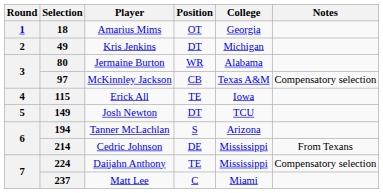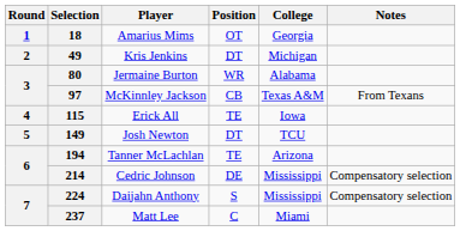 <table class="wikitable" style="text-align:center">
 <tr>
 <th>Round</th>
 <th>Selection</th>
 <th>Player</th>
 <th>Position</th>
 <th>College</th>
 <th>Notes</th>
 </tr>
 <tr>
 <th><a href='#'>1</a></th>
 <th>18</th>
 <td><a href='#'>Amarius Mims</a></td>
 <td><a href='#'>OT</a></td>
 <td><a href='#'>Georgia</a></td>
 <td></td>
 </tr>
 <tr>
 <th>2</th>
 <th>49</th>
 <td><a href='#'>Kris Jenkins</a></td>
 <td><a href='#'>DT</a></td>
 <td><a href='#'>Michigan</a></td>
 <td></td>
 </tr>
 <tr>
 <th rowspan="2">3</th>
 <th>80</th>
 <td><a href='#'>Jermaine Burton</a></td>
 <td><a href='#'>WR</a></td>
 <td><a href='#'>Alabama</a></td>
 <td></td>
 </tr>
 <tr>
 <th>97</th>
 <td><a href='#'>McKinnley Jackson</a></td>
 <td><a href='#'>CB</a></td>
 <td><a href='#'>Texas A&M</a></td>
-<td>Compensatory selection</td>
+<td>From Texans</td>
 </tr>
 <tr>
 <th>4</th>
 <th>115</th>
 <td><a href='#'>Erick All</a></td>
 <td><a href='#'>TE</a></td>
 <td><a href='#'>Iowa</a></td>
 <td></td>
 </tr>
 <tr>
 <th>5</th>
 <th>149</th>
 <td><a href='#'> Josh Newton</a></td>
 <td><a href='#'>DT</a></td>
 <td><a href='#'>TCU</a></td>
 <td></td>
 </tr>
 <tr>
 <th rowspan="2">6</th>
 <th>194</th>
 <td><a href='#'>Tanner McLachlan</a></td>
-<td><a href='#'>S</a></td>
+<td><a href='#'>TE</a></td>
 <td><a href='#'>Arizona</a></td>
 <td></td>
 </tr>
 <tr>
 <th>214</th>
 <td><a href='#'>Cedric Johnson</a></td>
 <td><a href='#'>DE</a></td>
 <td><a href='#'>Mississippi</a></td>
-<td>From Texans</td>
+<td>Compensatory selection</td>
 </tr>
 <tr>
 <th rowspan="2">7</th>
 <th>224</th>
 <td><a href='#'>Daijahn Anthony</a></td>
-<td><a href='#'>TE</a></td>
+<td><a href='#'>S</a></td>
 <td><a href='#'>Mississippi</a></td>
 <td>Compensatory selection</td>
 </tr>
 <tr>
 <th>237</th>
 <td><a href='#'> Matt Lee</a></td>
 <td><a href='#'>C</a></td>
 <td><a href='#'>Miami</a></td>
 <td></td>
 </tr>
 </table>
